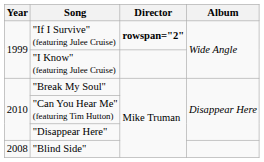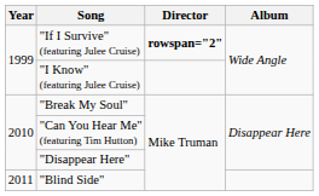 <table class="wikitable">
 <tr>
 <th>Year</th>
 <th>Song</th>
 <th>Director</th>
 <th>Album</th>
 </tr>
 <tr>
 <td rowspan="2">1999</td>
 <td>"If I Survive"<br><small>(featuring Julee Cruise)</small></td>
 <td><strong>rowspan="2" </strong></td>
 <td rowspan=2><em>Wide Angle</em></td>
 </tr>
 <tr>
 <td>"I Know"<br><small>(featuring Julee Cruise)</small></td>
 </tr>
 <tr>
 <td rowspan="3">2010</td>
 <td>"Break My Soul"</td>
 <td rowspan="4">Mike Truman</td>
 <td rowspan="3"><em>Disappear Here</em></td>
 </tr>
 <tr>
 <td>"Can You Hear Me"<br><small>(featuring Tim Hutton)</small></td>
 </tr>
 <tr>
 <td>"Disappear Here"</td>
 </tr>
 <tr>
-<td rowspan="1">2008</td>
+<td rowspan="1">2011</td>
 <td>"Blind Side"</td>
 <td></td>
 </tr>
 </table>
